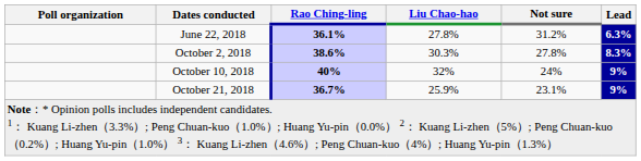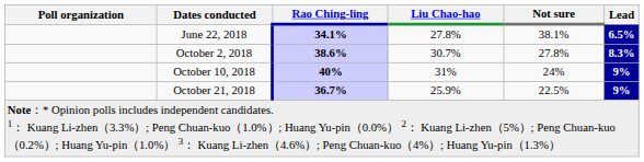 <table class="wikitable collapsible autocollapse" style="text-align:center;">
 <tr>
 <th style="width:200px;">Poll organization</th>
 <th style="width:150px;">Dates conducted</th>
 <th style="width:150px; border-bottom:4px solid #000099;"> <a href='#'>Rao Ching-ling</a></th>
 <th style="width:150px; border-bottom:4px solid #1B9431;"> <a href='#'>Liu Chao-hao</a></th>
 <th style="width:130px; border-bottom:4px solid #707070;"> Not sure</th>
 <th style="width:40px;">Lead</th>
 </tr>
 <tr>
 <td></td>
 <td>June 22, 2018</td>
-<td style="background-color:#CCCCFF; border-left:4px solid #000099;"><strong>36.1%</strong></td>
+<td style="background-color:#CCCCFF; border-left:4px solid #000099;"><strong>34.1%</strong></td>
 <td>27.8%</td>
-<td>31.2%</td>
-<td style="background:#000099; color:white"><strong>6.3%</strong></td>
+<td>38.1%</td>
+<td style="background:#000099; color:white"><strong>6.5%</strong></td>
 </tr>
 <tr>
 <td></td>
 <td>October 2, 2018</td>
 <td style="background-color:#CCCCFF; border-left:4px solid #000099;"><strong>38.6%</strong></td>
-<td>30.3%</td>
+<td>30.7%</td>
 <td>27.8%</td>
 <td style="background:#000099; color:white"><strong>8.3%</strong></td>
 </tr>
 <tr>
 <td></td>
 <td>October 10, 2018</td>
 <td style="background-color:#CCCCFF; border-left:4px solid #000099;"><strong>40%</strong></td>
-<td>32%</td>
+<td>31%</td>
 <td>24%</td>
 <td style="background:#000099; color:white"><strong>9%</strong></td>
 </tr>
 <tr>
 <td></td>
 <td>October 21, 2018</td>
 <td style="background-color:#CCCCFF; border-left:4px solid #000099;"><strong>36.7%</strong></td>
 <td>25.9%</td>
-<td>23.1%</td>
+<td>22.5%</td>
 <td style="background:#000099; color:white"><strong>9%</strong></td>
 </tr>
 <tr>
 <td colspan="7" style="background-color:#EEEEEE;" align=left><div><strong>Note</strong>：* Opinion polls includes independent candidates.<br><sup>1</sup>： Kuang Li-zhen（3.3%）;  Peng Chuan-kuo（1.0%）;   Huang Yu-pin（0.0%） <sup>2</sup>： Kuang Li-zhen（5%）;  Peng Chuan-kuo（0.2%）;   Huang Yu-pin（1.0%） <sup>3</sup>： Kuang Li-zhen（4.6%）;  Peng Chuan-kuo（4%）;   Huang Yu-pin（1.3%）</div></td>
 </tr>
 </table>
